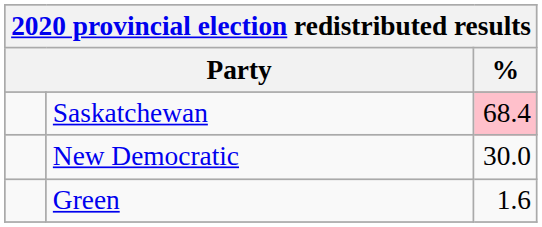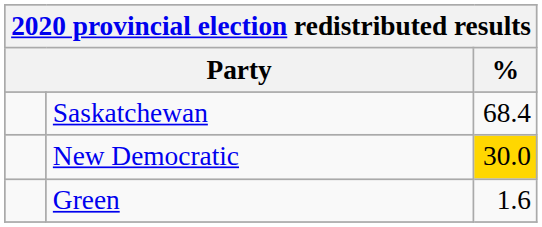 <table class="wikitable">
 <tr>
 <th colspan="4"><a href='#'>2020 provincial election</a> redistributed results</th>
 </tr>
 <tr>
 <th bgcolor="#DDDDFF" width="130px" colspan="2">Party</th>
 <th bgcolor="#DDDDFF" width="30px">%</th>
 </tr>
 <tr>
 <td> </td>
 <td><a href='#'>Saskatchewan</a></td>
-<td align=right style="background: pink;">68.4</td>
+<td align=right>68.4</td>
 </tr>
 <tr>
 <td> </td>
 <td><a href='#'>New Democratic</a></td>
-<td align=right>30.0</td>
+<td align=right style="background: gold;">30.0</td>
 </tr>
 <tr>
 <td> </td>
 <td><a href='#'>Green</a></td>
 <td align=right>1.6</td>
 </tr>
 </table>
